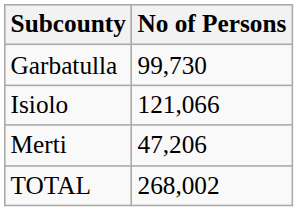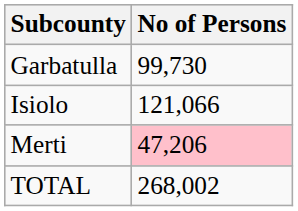 <table class="wikitable sortable">
 <tr>
 <th>Subcounty</th>
 <th>No of Persons</th>
 </tr>
 <tr>
 <td>Garbatulla</td>
 <td>99,730</td>
 </tr>
 <tr>
 <td>Isiolo</td>
 <td>121,066</td>
 </tr>
 <tr>
 <td>Merti</td>
-<td>47,206</td>
+<td style="background: pink;">47,206</td>
 </tr>
 <tr>
 <td>TOTAL</td>
 <td>268,002</td>
 </tr>
 </table>
